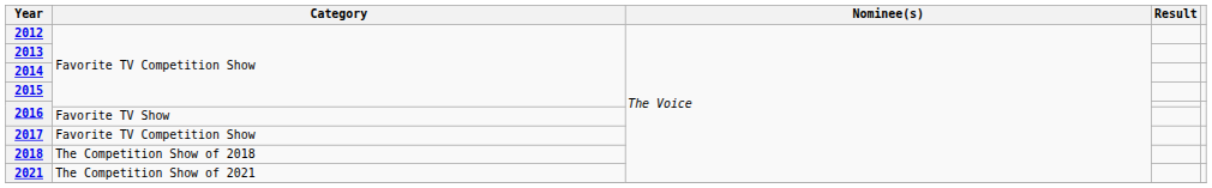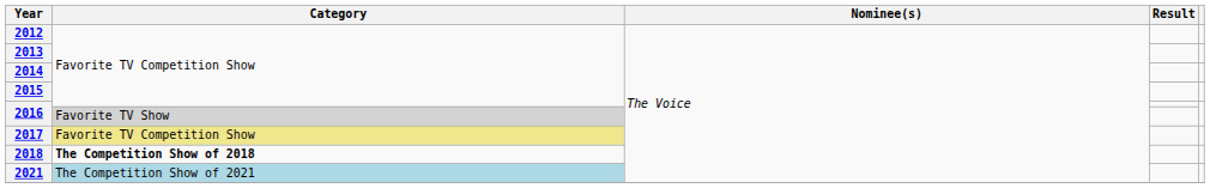 <table class="wikitable plainrowheaders" style="font-size: 95%">
 <tr>
 <th scope="col" style="width:4%;">Year</th>
 <th scope="col" style="width:50%;">Category</th>
 <th scope="col" style="width:50%;">Nominee(s)</th>
 <th scope="col" style="width:6%;">Result</th>
 <th scope="col" style="width:4%;"></th>
 </tr>
 <tr>
 <th scope="row"><a href='#'>2012</a></th>
 <td rowspan="5">Favorite TV Competition Show</td>
 <td rowspan="9"><em>The Voice</em></td>
 <td></td>
 <td style="text-align:center;"></td>
 </tr>
 <tr>
 <th scope="row"><a href='#'>2013</a></th>
 <td></td>
 <td style="text-align:center;"></td>
 </tr>
 <tr>
 <th scope="row"><a href='#'>2014</a></th>
 <td></td>
 <td style="text-align:center;"></td>
 </tr>
 <tr>
 <th scope="row"><a href='#'>2015</a></th>
 <td></td>
 <td style="text-align:center;"></td>
 </tr>
 <tr>
 <th scope="row" rowspan="2"><a href='#'>2016</a></th>
 <td></td>
 <td style="text-align:center;" rowspan="2"></td>
 </tr>
 <tr>
-<td>Favorite TV Show</td>
+<td style="background: lightgrey;">Favorite TV Show</td>
 <td></td>
 </tr>
 <tr>
 <th scope="row"><a href='#'>2017</a></th>
-<td>Favorite TV Competition Show</td>
+<td style="background: khaki;">Favorite TV Competition Show</td>
 <td></td>
 <td style="text-align:center;"></td>
 </tr>
 <tr>
 <th scope="row"><a href='#'>2018</a></th>
-<td>The Competition Show of 2018</td>
+<td><strong>The Competition Show of 2018</strong></td>
 <td></td>
 <td></td>
 </tr>
 <tr>
 <th scope="row"><a href='#'>2021</a></th>
-<td>The Competition Show of 2021</td>
+<td style="background: lightblue;">The Competition Show of 2021</td>
 <td></td>
 <td></td>
 </tr>
 <tr>
 </tr>
 </table>
